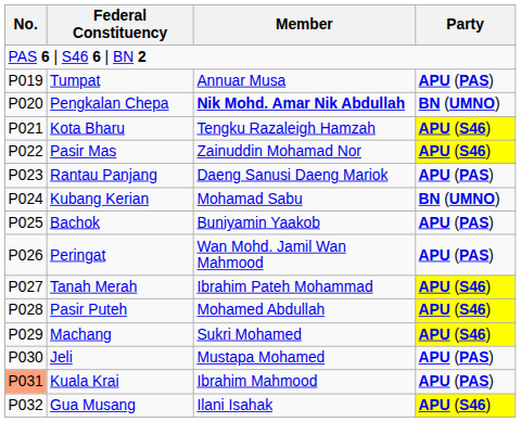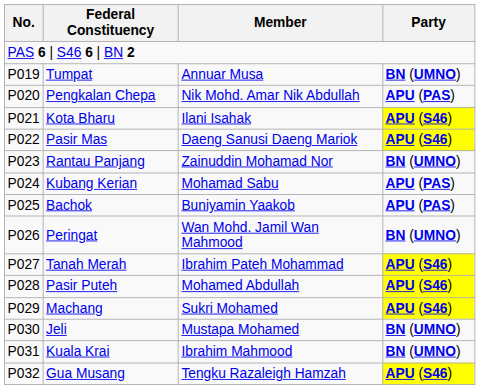 <table class="wikitable sortable">
 <tr>
 <th style="width:30px;">No.</th>
 <th style="width:150px;">Federal Constituency</th>
 <th style="width:230px;">Member</th>
 <th style="width:100px;">Party</th>
 </tr>
 <tr>
 <td colspan="4"><a href='#'>PAS</a> <strong>6</strong> | <a href='#'>S46</a> <strong>6</strong> | <a href='#'>BN</a> <strong>2</strong></td>
 </tr>
 <tr>
 <td>P019</td>
 <td><a href='#'>Tumpat</a></td>
 <td><a href='#'>Annuar Musa</a></td>
-<td><strong><a href='#'>APU</a></strong> (<strong><a href='#'>PAS</a></strong>)</td>
+<td><strong><a href='#'>BN</a></strong> (<strong><a href='#'>UMNO</a></strong>)</td>
 </tr>
 <tr>
 <td>P020</td>
 <td><a href='#'>Pengkalan Chepa</a></td>
-<td><strong><a href='#'>Nik Mohd. Amar Nik Abdullah</a></strong></td>
-<td><strong><a href='#'>BN</a></strong> (<strong><a href='#'>UMNO</a></strong>)</td>
+<td><a href='#'>Nik Mohd. Amar Nik Abdullah</a></td>
+<td><strong><a href='#'>APU</a></strong> (<strong><a href='#'>PAS</a></strong>)</td>
 </tr>
 <tr>
 <td>P021</td>
 <td><a href='#'>Kota Bharu</a></td>
-<td><a href='#'>Tengku Razaleigh Hamzah</a> </td>
+<td><a href='#'>Ilani Isahak</a></td>
 <td bgcolor="yellow"><strong><a href='#'>APU</a></strong> (<strong><a href='#'>S46</a></strong>)</td>
 </tr>
 <tr>
 <td>P022</td>
 <td><a href='#'>Pasir Mas</a></td>
-<td><a href='#'>Zainuddin Mohamad Nor</a></td>
+<td><a href='#'>Daeng Sanusi Daeng Mariok</a></td>
 <td bgcolor="yellow"><strong><a href='#'>APU</a></strong> (<strong><a href='#'>S46</a></strong>)</td>
 </tr>
 <tr>
 <td>P023</td>
 <td><a href='#'>Rantau Panjang</a></td>
-<td><a href='#'>Daeng Sanusi Daeng Mariok</a></td>
-<td><strong><a href='#'>APU</a></strong> (<strong><a href='#'>PAS</a></strong>)</td>
+<td><a href='#'>Zainuddin Mohamad Nor</a></td>
+<td><strong><a href='#'>BN</a></strong> (<strong><a href='#'>UMNO</a></strong>)</td>
 </tr>
 <tr>
 <td>P024</td>
 <td><a href='#'>Kubang Kerian</a></td>
 <td><a href='#'>Mohamad Sabu</a></td>
-<td><strong><a href='#'>BN</a></strong> (<strong><a href='#'>UMNO</a></strong>)</td>
+<td><strong><a href='#'>APU</a></strong> (<strong><a href='#'>PAS</a></strong>)</td>
 </tr>
 <tr>
 <td>P025</td>
 <td><a href='#'>Bachok</a></td>
 <td><a href='#'>Buniyamin Yaakob</a></td>
 <td><strong><a href='#'>APU</a></strong> (<strong><a href='#'>PAS</a></strong>)</td>
 </tr>
 <tr>
 <td>P026</td>
 <td><a href='#'>Peringat</a></td>
 <td><a href='#'>Wan Mohd. Jamil Wan Mahmood</a></td>
-<td><strong><a href='#'>APU</a></strong> (<strong><a href='#'>PAS</a></strong>)</td>
+<td><strong><a href='#'>BN</a></strong> (<strong><a href='#'>UMNO</a></strong>)</td>
 </tr>
 <tr>
 <td>P027</td>
 <td><a href='#'>Tanah Merah</a></td>
 <td><a href='#'>Ibrahim Pateh Mohammad</a></td>
 <td bgcolor="yellow"><strong><a href='#'>APU</a></strong> (<strong><a href='#'>S46</a></strong>)</td>
 </tr>
 <tr>
 <td>P028</td>
 <td><a href='#'>Pasir Puteh</a></td>
 <td><a href='#'>Mohamed Abdullah</a></td>
 <td bgcolor="yellow"><strong><a href='#'>APU</a></strong> (<strong><a href='#'>S46</a></strong>)</td>
 </tr>
 <tr>
 <td>P029</td>
 <td><a href='#'>Machang</a></td>
 <td><a href='#'>Sukri Mohamed</a></td>
 <td bgcolor="yellow"><strong><a href='#'>APU</a></strong> (<strong><a href='#'>S46</a></strong>)</td>
 </tr>
 <tr>
 <td>P030</td>
 <td><a href='#'>Jeli</a></td>
 <td><a href='#'>Mustapa Mohamed</a></td>
-<td><strong><a href='#'>APU</a></strong> (<strong><a href='#'>PAS</a></strong>)</td>
+<td><strong><a href='#'>BN</a></strong> (<strong><a href='#'>UMNO</a></strong>)</td>
 </tr>
 <tr>
-<td style="background: lightsalmon;">P031</td>
+<td>P031</td>
 <td><a href='#'>Kuala Krai</a></td>
 <td><a href='#'>Ibrahim Mahmood</a></td>
-<td><strong><a href='#'>APU</a></strong> (<strong><a href='#'>PAS</a></strong>)</td>
+<td><strong><a href='#'>BN</a></strong> (<strong><a href='#'>UMNO</a></strong>)</td>
 </tr>
 <tr>
 <td>P032</td>
 <td><a href='#'>Gua Musang</a></td>
-<td><a href='#'>Ilani Isahak</a></td>
+<td><a href='#'>Tengku Razaleigh Hamzah</a> </td>
 <td bgcolor="yellow"><strong><a href='#'>APU</a></strong> (<strong><a href='#'>S46</a></strong>)</td>
 </tr>
 </table>
